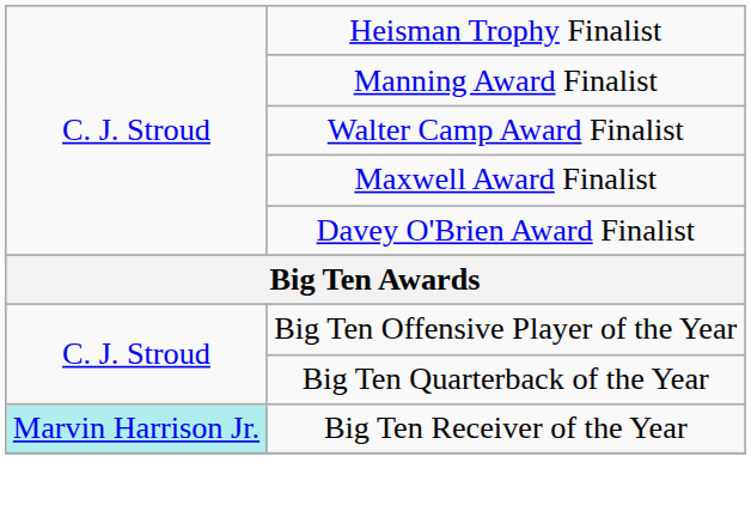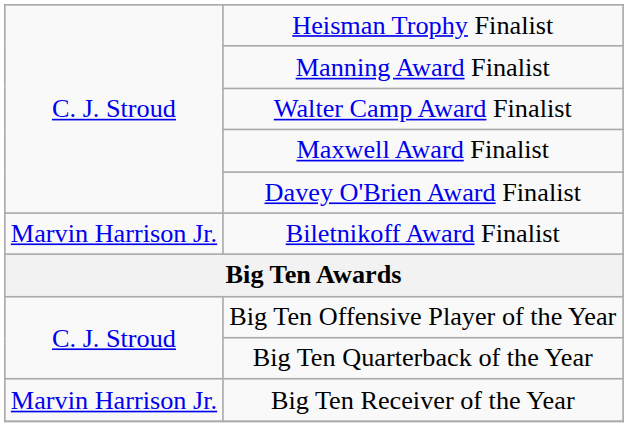 <table class="wikitable sortable sortable" style="text-align: center">
 <tr>
 <td rowspan=5><a href='#'>C. J. Stroud</a></td>
 <td><a href='#'>Heisman Trophy</a> Finalist</td>
 </tr>
 <tr>
 <td><a href='#'>Manning Award</a> Finalist</td>
 </tr>
 <tr>
 <td><a href='#'>Walter Camp Award</a> Finalist</td>
 </tr>
 <tr>
 <td><a href='#'>Maxwell Award</a> Finalist</td>
 </tr>
 <tr>
 <td><a href='#'>Davey O'Brien Award</a> Finalist</td>
 </tr>
 <tr>
+<td><a href='#'>Marvin Harrison Jr.</a></td>
+<td><a href='#'>Biletnikoff Award</a> Finalist</td>
+</tr>
+<tr>
 <th colspan="2">Big Ten Awards</th>
 </tr>
 <tr>
 <td rowspan=2><a href='#'>C. J. Stroud</a></td>
 <td>Big Ten Offensive Player of the Year</td>
 </tr>
 <tr>
 <td>Big Ten Quarterback of the Year</td>
 </tr>
 <tr>
-<td style="background: paleturquoise;"><a href='#'>Marvin Harrison Jr.</a></td>
+<td><a href='#'>Marvin Harrison Jr.</a></td>
 <td>Big Ten Receiver of the Year</td>
 </tr>
 <tr>
 </tr>
 </table>
